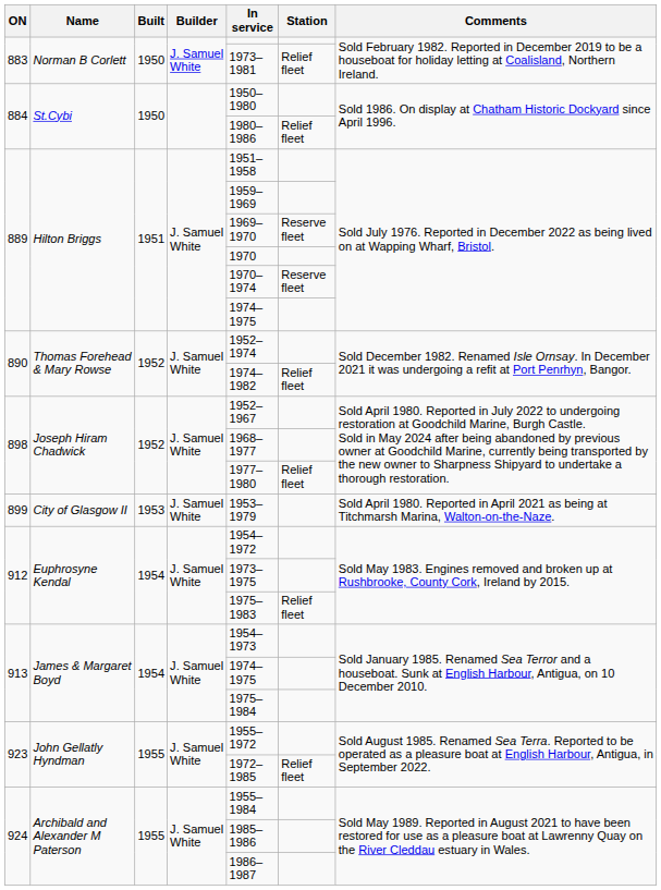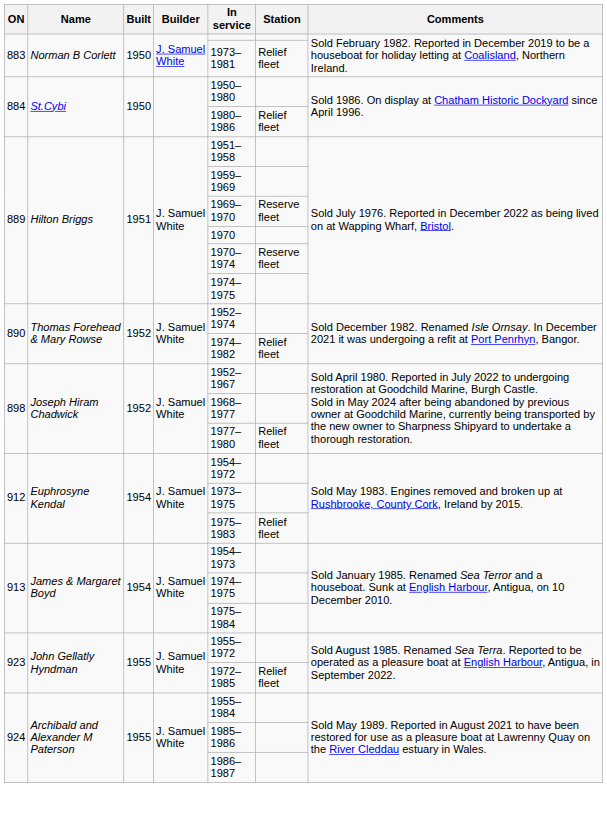 <table class="wikitable">
 <tr>
 <th>ON</th>
 <th>Name</th>
 <th>Built</th>
 <th>Builder</th>
 <th>In service</th>
 <th>Station</th>
 <th>Comments</th>
 </tr>
 <tr>
 <td rowspan="2">883</td>
 <td rowspan="2"><em>Norman B Corlett</em></td>
 <td rowspan="2">1950</td>
 <td rowspan="2"><a href='#'>J. Samuel White</a></td>
 <td></td>
 <td></td>
 <td rowspan="2">Sold February 1982. Reported in December 2019 to be a houseboat for holiday letting at <a href='#'>Coalisland</a>, Northern Ireland.</td>
 </tr>
 <tr>
 <td>1973–1981</td>
 <td>Relief fleet</td>
 </tr>
 <tr>
 <td rowspan="2">884</td>
 <td rowspan="2"><a href='#'><em>St.Cybi<br></em></a></td>
 <td rowspan="2">1950</td>
 <td rowspan="2"></td>
 <td>1950–1980</td>
 <td></td>
 <td rowspan="2">Sold 1986. On display at <a href='#'>Chatham Historic Dockyard</a> since April 1996.</td>
 </tr>
 <tr>
 <td>1980–1986</td>
 <td>Relief fleet</td>
 </tr>
 <tr>
 <td rowspan="6">889</td>
 <td rowspan="6"><em>Hilton Briggs</em></td>
 <td rowspan="6">1951</td>
 <td rowspan="6">J. Samuel White</td>
 <td>1951–1958</td>
 <td></td>
 <td rowspan="6">Sold July 1976. Reported in December 2022 as being lived on at Wapping Wharf, <a href='#'>Bristol</a>.</td>
 </tr>
 <tr>
 <td>1959–1969</td>
 <td></td>
 </tr>
 <tr>
 <td>1969–1970</td>
 <td>Reserve fleet</td>
 </tr>
 <tr>
 <td>1970</td>
 <td></td>
 </tr>
 <tr>
 <td>1970–1974</td>
 <td>Reserve fleet</td>
 </tr>
 <tr>
 <td>1974–1975</td>
 <td></td>
 </tr>
 <tr>
 <td rowspan="2">890</td>
 <td rowspan="2"><em>Thomas Forehead & Mary Rowse</em></td>
 <td rowspan="2">1952</td>
 <td rowspan="2">J. Samuel White</td>
 <td>1952–1974<br></td>
 <td></td>
 <td rowspan="2">Sold December 1982. Renamed <em>Isle Ornsay</em>. In December 2021 it was undergoing a refit at <a href='#'>Port Penrhyn</a>, Bangor.</td>
 </tr>
 <tr>
 <td>1974–1982</td>
 <td>Relief fleet</td>
 </tr>
 <tr>
 <td rowspan="3">898</td>
 <td rowspan="3"><em>Joseph Hiram Chadwick</em></td>
 <td rowspan="3">1952</td>
 <td rowspan="3">J. Samuel White</td>
 <td>1952–1967</td>
 <td></td>
 <td rowspan="3">Sold April 1980. Reported in July 2022 to undergoing restoration at Goodchild Marine, Burgh Castle.<br>Sold in May 2024 after being abandoned by previous owner at Goodchild Marine, currently being transported by the new owner to Sharpness Shipyard to undertake a thorough restoration.</td>
 </tr>
 <tr>
 <td>1968–1977</td>
 <td></td>
 </tr>
 <tr>
 <td>1977–1980</td>
 <td>Relief fleet</td>
 </tr>
 <tr>
-<td>899</td>
-<td><em>City of Glasgow II</em></td>
-<td>1953</td>
-<td>J. Samuel White</td>
-<td>1953–1979</td>
-<td></td>
-<td>Sold April 1980. Reported in April 2021 as being at Titchmarsh Marina, <a href='#'>Walton-on-the-Naze</a>.</td>
-</tr>
-<tr>
 <td rowspan="3">912</td>
 <td rowspan="3"><em>Euphrosyne Kendal</em></td>
 <td rowspan="3">1954</td>
 <td rowspan="3">J. Samuel White</td>
 <td>1954–1972</td>
 <td></td>
 <td rowspan="3">Sold May 1983. Engines removed and broken up at <a href='#'>Rushbrooke, County Cork</a>, Ireland by 2015.</td>
 </tr>
 <tr>
 <td>1973–1975</td>
 <td></td>
 </tr>
 <tr>
 <td>1975–1983</td>
 <td>Relief fleet</td>
 </tr>
 <tr>
 <td rowspan="3">913</td>
 <td rowspan="3"><em>James & Margaret Boyd</em></td>
 <td rowspan="3">1954</td>
 <td rowspan="3">J. Samuel White</td>
 <td>1954–1973</td>
 <td></td>
 <td rowspan="3">Sold January 1985. Renamed <em>Sea Terror</em> and a houseboat. Sunk at <a href='#'>English Harbour</a>, Antigua, on 10 December 2010.</td>
 </tr>
 <tr>
 <td>1974–1975</td>
 <td></td>
 </tr>
 <tr>
 <td>1975–1984</td>
 <td></td>
 </tr>
 <tr>
 <td rowspan="2">923</td>
 <td rowspan="2"><em>John Gellatly Hyndman</em></td>
 <td rowspan="2">1955</td>
 <td rowspan="2">J. Samuel White</td>
 <td>1955–1972</td>
 <td></td>
 <td rowspan="2">Sold August 1985. Renamed <em>Sea Terra</em>. Reported to be operated as a pleasure boat at <a href='#'>English Harbour</a>, Antigua, in September 2022.</td>
 </tr>
 <tr>
 <td>1972–1985</td>
 <td>Relief fleet</td>
 </tr>
 <tr>
 <td rowspan="3">924</td>
 <td rowspan="3"><em>Archibald and Alexander M Paterson</em></td>
 <td rowspan="3">1955</td>
 <td rowspan="3">J. Samuel White</td>
 <td>1955–1984</td>
 <td></td>
 <td rowspan="3">Sold May 1989. Reported in August 2021 to have been restored for use as a pleasure boat at Lawrenny Quay on the <a href='#'>River Cleddau</a> estuary in Wales.</td>
 </tr>
 <tr>
 <td>1985–1986</td>
 <td></td>
 </tr>
 <tr>
 <td>1986–1987</td>
 <td></td>
 </tr>
 </table>
